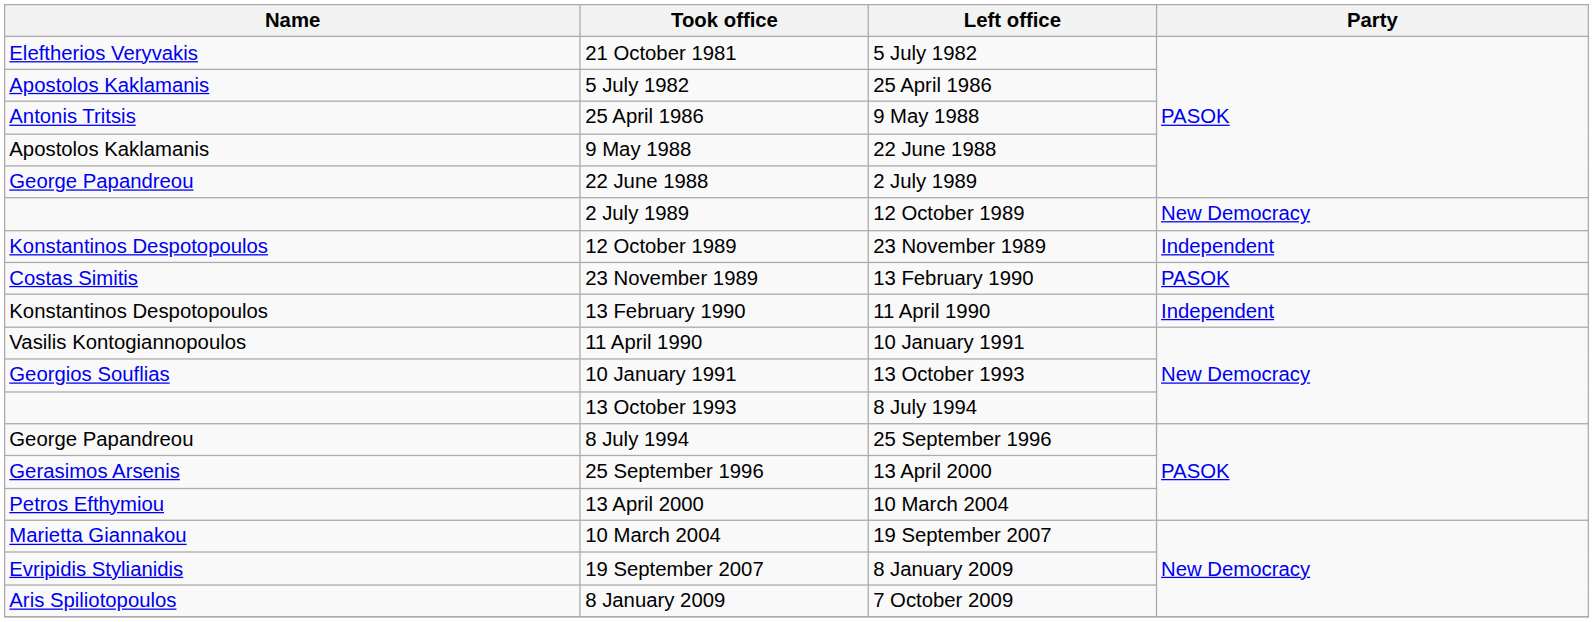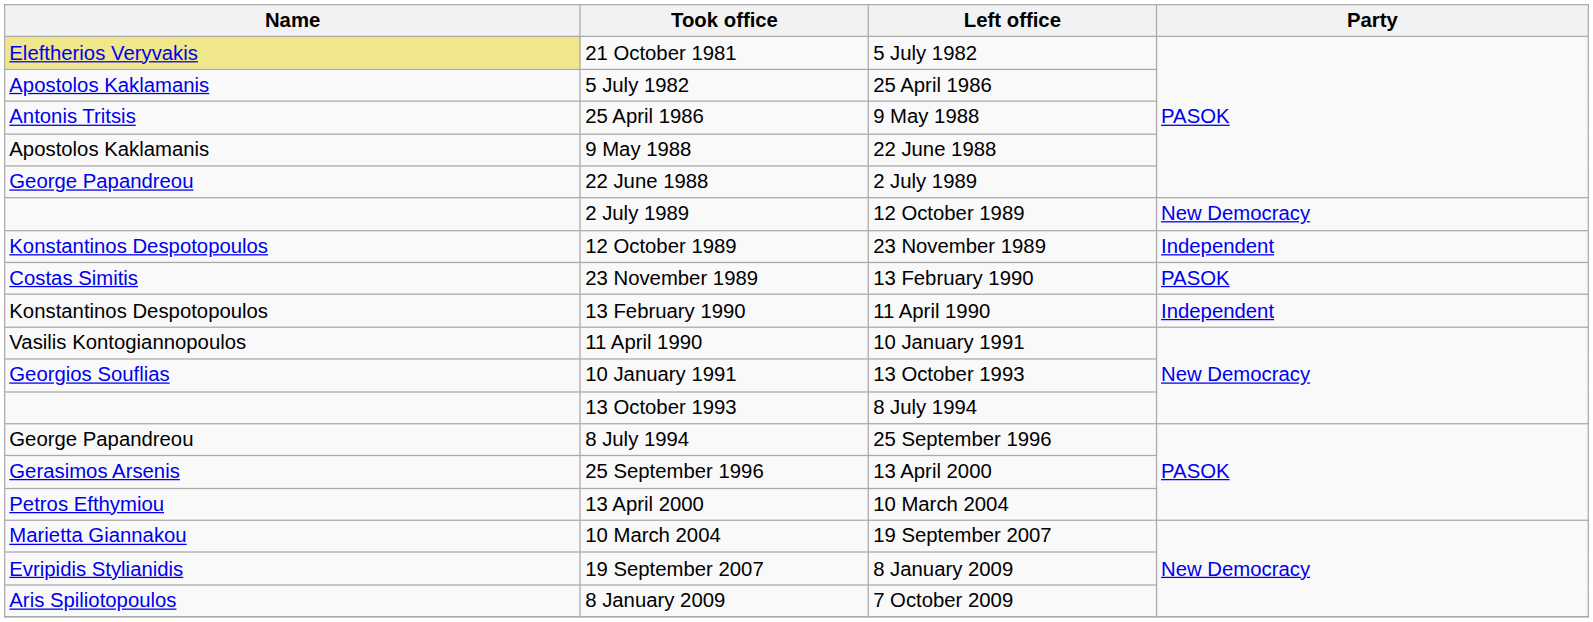 <table class="wikitable">
 <tr>
 <th width="20%">Name</th>
 <th width="10%">Took office</th>
 <th width="10%">Left office</th>
 <th width="15%">Party</th>
 </tr>
 <tr>
-<td><a href='#'>Eleftherios Veryvakis</a></td>
+<td style="background: khaki;"><a href='#'>Eleftherios Veryvakis</a></td>
 <td>21 October 1981</td>
 <td>5 July 1982</td>
 <td rowspan="5"><a href='#'>PASOK</a></td>
 </tr>
 <tr>
 <td><a href='#'>Apostolos Kaklamanis</a></td>
 <td>5 July 1982</td>
 <td>25 April 1986</td>
 </tr>
 <tr>
 <td><a href='#'>Antonis Tritsis</a></td>
 <td>25 April 1986</td>
 <td>9 May 1988</td>
 </tr>
 <tr>
 <td>Apostolos Kaklamanis</td>
 <td>9 May 1988</td>
 <td>22 June 1988</td>
 </tr>
 <tr>
 <td><a href='#'>George Papandreou</a></td>
 <td>22 June 1988</td>
 <td>2 July 1989</td>
 </tr>
 <tr>
 <td></td>
 <td>2 July 1989</td>
 <td>12 October 1989</td>
 <td><a href='#'>New Democracy</a></td>
 </tr>
 <tr>
 <td><a href='#'>Konstantinos Despotopoulos</a></td>
 <td>12 October 1989</td>
 <td>23 November 1989</td>
 <td><a href='#'>Independent</a></td>
 </tr>
 <tr>
 <td><a href='#'>Costas Simitis</a></td>
 <td>23 November 1989</td>
 <td>13 February 1990</td>
 <td><a href='#'>PASOK</a></td>
 </tr>
 <tr>
 <td>Konstantinos Despotopoulos</td>
 <td>13 February 1990</td>
 <td>11 April 1990</td>
 <td><a href='#'>Independent</a></td>
 </tr>
 <tr>
 <td>Vasilis Kontogiannopoulos</td>
 <td>11 April 1990</td>
 <td>10 January 1991</td>
 <td rowspan="3"><a href='#'>New Democracy</a></td>
 </tr>
 <tr>
 <td><a href='#'>Georgios Souflias</a></td>
 <td>10 January 1991</td>
 <td>13 October 1993</td>
 </tr>
 <tr>
 <td></td>
 <td>13 October 1993</td>
 <td>8 July 1994</td>
 </tr>
 <tr>
 <td>George Papandreou</td>
 <td>8 July 1994</td>
 <td>25 September 1996</td>
 <td rowspan="3"><a href='#'>PASOK</a></td>
 </tr>
 <tr>
 <td><a href='#'>Gerasimos Arsenis</a></td>
 <td>25 September 1996</td>
 <td>13 April 2000</td>
 </tr>
 <tr>
 <td><a href='#'>Petros Efthymiou</a></td>
 <td>13 April 2000</td>
 <td>10 March 2004</td>
 </tr>
 <tr>
 <td><a href='#'>Marietta Giannakou</a></td>
 <td>10 March 2004</td>
 <td>19 September 2007</td>
 <td rowspan="3"><a href='#'>New Democracy</a></td>
 </tr>
 <tr>
 <td><a href='#'>Evripidis Stylianidis</a></td>
 <td>19 September 2007</td>
 <td>8 January 2009</td>
 </tr>
 <tr>
 <td><a href='#'>Aris Spiliotopoulos</a></td>
 <td>8 January 2009</td>
 <td>7 October 2009</td>
 </tr>
 <tr>
 </tr>
 </table>
